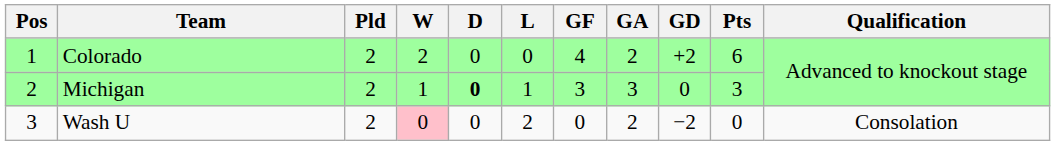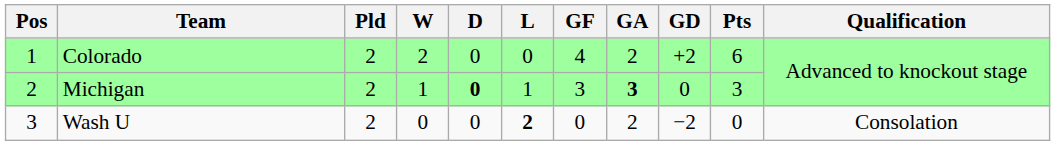 <table class="wikitable" style="text-align:center; margin: 1em auto">
 <tr>
 <th style="width:2em">Pos</th>
 <th style="width:13em">Team</th>
 <th style="width:2em">Pld</th>
 <th style="width:2em">W</th>
 <th style="width:2em">D</th>
 <th style="width:2em">L</th>
 <th style="width:2em">GF</th>
 <th style="width:2em">GA</th>
 <th style="width:2em">GD</th>
 <th style="width:2em">Pts</th>
 <th style="width:13em">Qualification</th>
 </tr>
 <tr bgcolor="#9eff9e">
 <td>1</td>
 <td style="text-align:left">Colorado</td>
 <td>2</td>
 <td>2</td>
 <td>0</td>
 <td>0</td>
 <td>4</td>
 <td>2</td>
 <td>+2</td>
 <td>6</td>
 <td rowspan="2">Advanced to knockout stage</td>
 </tr>
 <tr bgcolor="#9eff9e">
 <td>2</td>
 <td style="text-align:left">Michigan</td>
 <td>2</td>
 <td>1</td>
 <td><strong>0</strong></td>
 <td>1</td>
 <td>3</td>
-<td>3</td>
+<td><strong>3</strong></td>
 <td>0</td>
 <td>3</td>
 </tr>
 <tr>
 <td>3</td>
 <td style="text-align:left">Wash U</td>
 <td>2</td>
-<td style="background: pink;">0</td>
 <td>0</td>
-<td>2</td>
+<td>0</td>
+<td><strong>2</strong></td>
 <td>0</td>
 <td>2</td>
 <td>−2</td>
 <td>0</td>
 <td>Consolation</td>
 </tr>
 </table>
